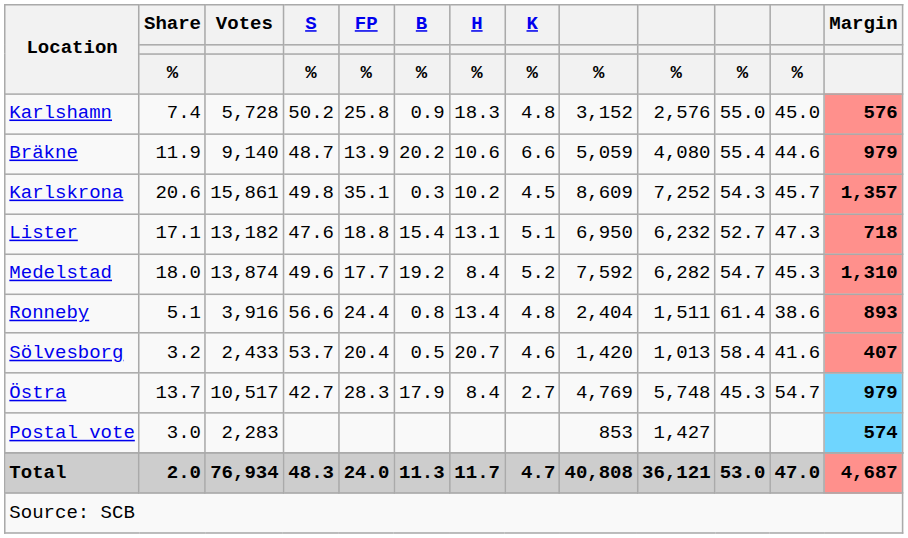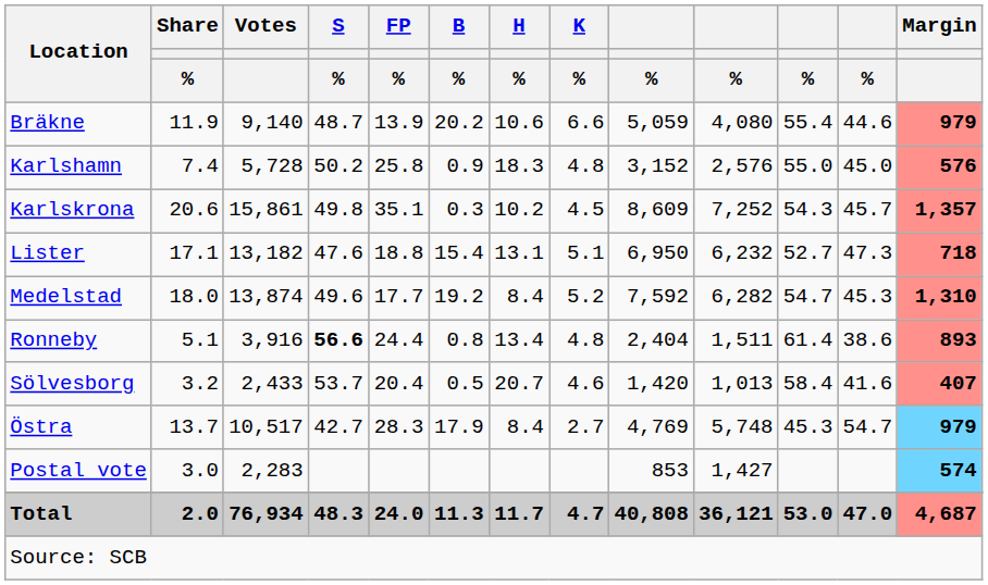 <table class="wikitable sortable" style="text-align:right; font-size:95%; line-height:20px;">
 <tr>
 <th rowspan="3">Location</th>
 <th>Share</th>
 <th>Votes</th>
 <th width="30px" class="unsortable"><a href='#'>S</a></th>
 <th width="30px" class="unsortable"><a href='#'>FP</a></th>
 <th width="30px" class="unsortable"><a href='#'>B</a></th>
 <th width="30px" class="unsortable"><a href='#'>H</a></th>
 <th width="30px" class="unsortable"><a href='#'>K</a></th>
 <th></th>
 <th></th>
 <th></th>
 <th></th>
 <th>Margin</th>
 </tr>
 <tr>
 <th></th>
 <th></th>
 <th style="background:"></th>
 <th style="background:"></th>
 <th style="background:"></th>
 <th style="background:"></th>
 <th style="background:"></th>
 <th style="background:"></th>
 <th style="background:"></th>
 <th style="background:"></th>
 <th style="background:"></th>
 <th></th>
 </tr>
 <tr>
 <th data-sort-type="number">%</th>
 <th></th>
 <th data-sort-type="number">%</th>
 <th data-sort-type="number">%</th>
 <th data-sort-type="number">%</th>
 <th data-sort-type="number">%</th>
 <th data-sort-type="number">%</th>
 <th data-sort-type="number">%</th>
 <th data-sort-type="number">%</th>
 <th data-sort-type="number">%</th>
 <th data-sort-type="number">%</th>
 <th data-sort-type="number"></th>
 </tr>
 <tr>
+<td align=left><a href='#'>Bräkne</a></td>
+<td>11.9</td>
+<td>9,140</td>
+<td>48.7</td>
+<td>13.9</td>
+<td>20.2</td>
+<td>10.6</td>
+<td>6.6</td>
+<td>5,059</td>
+<td>4,080</td>
+<td>55.4</td>
+<td>44.6</td>
+<td bgcolor=#ff908c><strong>979</strong></td>
+</tr>
+<tr>
 <td align=left><a href='#'>Karlshamn</a></td>
 <td>7.4</td>
 <td>5,728</td>
 <td>50.2</td>
 <td>25.8</td>
 <td>0.9</td>
 <td>18.3</td>
 <td>4.8</td>
 <td>3,152</td>
 <td>2,576</td>
 <td>55.0</td>
 <td>45.0</td>
 <td bgcolor=#ff908c><strong>576</strong></td>
-</tr>
-<tr>
-<td align=left><a href='#'>Bräkne</a></td>
-<td>11.9</td>
-<td>9,140</td>
-<td>48.7</td>
-<td>13.9</td>
-<td>20.2</td>
-<td>10.6</td>
-<td>6.6</td>
-<td>5,059</td>
-<td>4,080</td>
-<td>55.4</td>
-<td>44.6</td>
-<td bgcolor=#ff908c><strong>979</strong></td>
 </tr>
 <tr>
 <td align=left><a href='#'>Karlskrona</a></td>
 <td>20.6</td>
 <td>15,861</td>
 <td>49.8</td>
 <td>35.1</td>
 <td>0.3</td>
 <td>10.2</td>
 <td>4.5</td>
 <td>8,609</td>
 <td>7,252</td>
 <td>54.3</td>
 <td>45.7</td>
 <td bgcolor=#ff908c><strong>1,357</strong></td>
 </tr>
 <tr>
 <td align=left><a href='#'>Lister</a></td>
 <td>17.1</td>
 <td>13,182</td>
 <td>47.6</td>
 <td>18.8</td>
 <td>15.4</td>
 <td>13.1</td>
 <td>5.1</td>
 <td>6,950</td>
 <td>6,232</td>
 <td>52.7</td>
 <td>47.3</td>
 <td bgcolor=#ff908c><strong>718</strong></td>
 </tr>
 <tr>
 <td align=left><a href='#'>Medelstad</a></td>
 <td>18.0</td>
 <td>13,874</td>
 <td>49.6</td>
 <td>17.7</td>
 <td>19.2</td>
 <td>8.4</td>
 <td>5.2</td>
 <td>7,592</td>
 <td>6,282</td>
 <td>54.7</td>
 <td>45.3</td>
 <td bgcolor=#ff908c><strong>1,310</strong></td>
 </tr>
 <tr>
 <td align=left><a href='#'>Ronneby</a></td>
 <td>5.1</td>
 <td>3,916</td>
-<td>56.6</td>
+<td><strong>56.6</strong></td>
 <td>24.4</td>
 <td>0.8</td>
 <td>13.4</td>
 <td>4.8</td>
 <td>2,404</td>
 <td>1,511</td>
 <td>61.4</td>
 <td>38.6</td>
 <td bgcolor=#ff908c><strong>893</strong></td>
 </tr>
 <tr>
 <td align=left><a href='#'>Sölvesborg</a></td>
 <td>3.2</td>
 <td>2,433</td>
 <td>53.7</td>
 <td>20.4</td>
 <td>0.5</td>
 <td>20.7</td>
 <td>4.6</td>
 <td>1,420</td>
 <td>1,013</td>
 <td>58.4</td>
 <td>41.6</td>
 <td bgcolor=#ff908c><strong>407</strong></td>
 </tr>
 <tr>
 <td align=left><a href='#'>Östra</a></td>
 <td>13.7</td>
 <td>10,517</td>
 <td>42.7</td>
 <td>28.3</td>
 <td>17.9</td>
 <td>8.4</td>
 <td>2.7</td>
 <td>4,769</td>
 <td>5,748</td>
 <td>45.3</td>
 <td>54.7</td>
 <td bgcolor=#6fd5fe><strong>979</strong></td>
 </tr>
 <tr>
 <td align=left><a href='#'>Postal vote</a></td>
 <td>3.0</td>
 <td>2,283</td>
 <td></td>
 <td></td>
 <td></td>
 <td></td>
 <td></td>
 <td>853</td>
 <td>1,427</td>
 <td></td>
 <td></td>
 <td bgcolor=#6fd5fe><strong>574</strong></td>
 </tr>
 <tr>
 </tr>
 <tr style="background:#CDCDCD;">
 <td align=left><strong>Total</strong></td>
 <td><strong>2.0</strong></td>
 <td><strong>76,934</strong></td>
 <td><strong>48.3</strong></td>
 <td><strong>24.0</strong></td>
 <td><strong>11.3</strong></td>
 <td><strong>11.7</strong></td>
 <td><strong>4.7</strong></td>
 <td><strong>40,808</strong></td>
 <td><strong>36,121</strong></td>
 <td><strong>53.0</strong></td>
 <td><strong>47.0</strong></td>
 <td bgcolor=#ff908c><strong>4,687</strong></td>
 </tr>
 <tr>
 <td align=left colspan=13>Source: SCB </td>
 </tr>
 </table>
